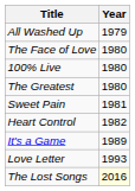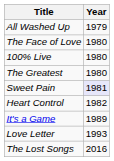 <table class="wikitable">
 <tr>
 <th>Title</th>
 <th>Year</th>
 </tr>
 <tr>
 <td><em>All Washed Up</em></td>
 <td>1979</td>
 </tr>
 <tr>
 <td><em>The Face of Love</em></td>
 <td>1980</td>
 </tr>
 <tr>
 <td><em>100% Live</em></td>
 <td>1980</td>
 </tr>
 <tr>
 <td><em>The Greatest</em></td>
 <td>1980</td>
 </tr>
 <tr>
 <td><em>Sweet Pain</em></td>
-<td>1981</td>
+<td style="background: lavender;">1981</td>
 </tr>
 <tr>
 <td><em>Heart Control</em></td>
 <td>1982</td>
 </tr>
 <tr>
 <td><em><a href='#'>It's a Game</a></em></td>
 <td>1989</td>
 </tr>
 <tr>
 <td><em>Love Letter</em></td>
 <td>1993</td>
 </tr>
 <tr>
 <td><em>The Lost Songs</em></td>
-<td style="background: lightyellow;">2016</td>
+<td>2016</td>
 </tr>
 </table>
